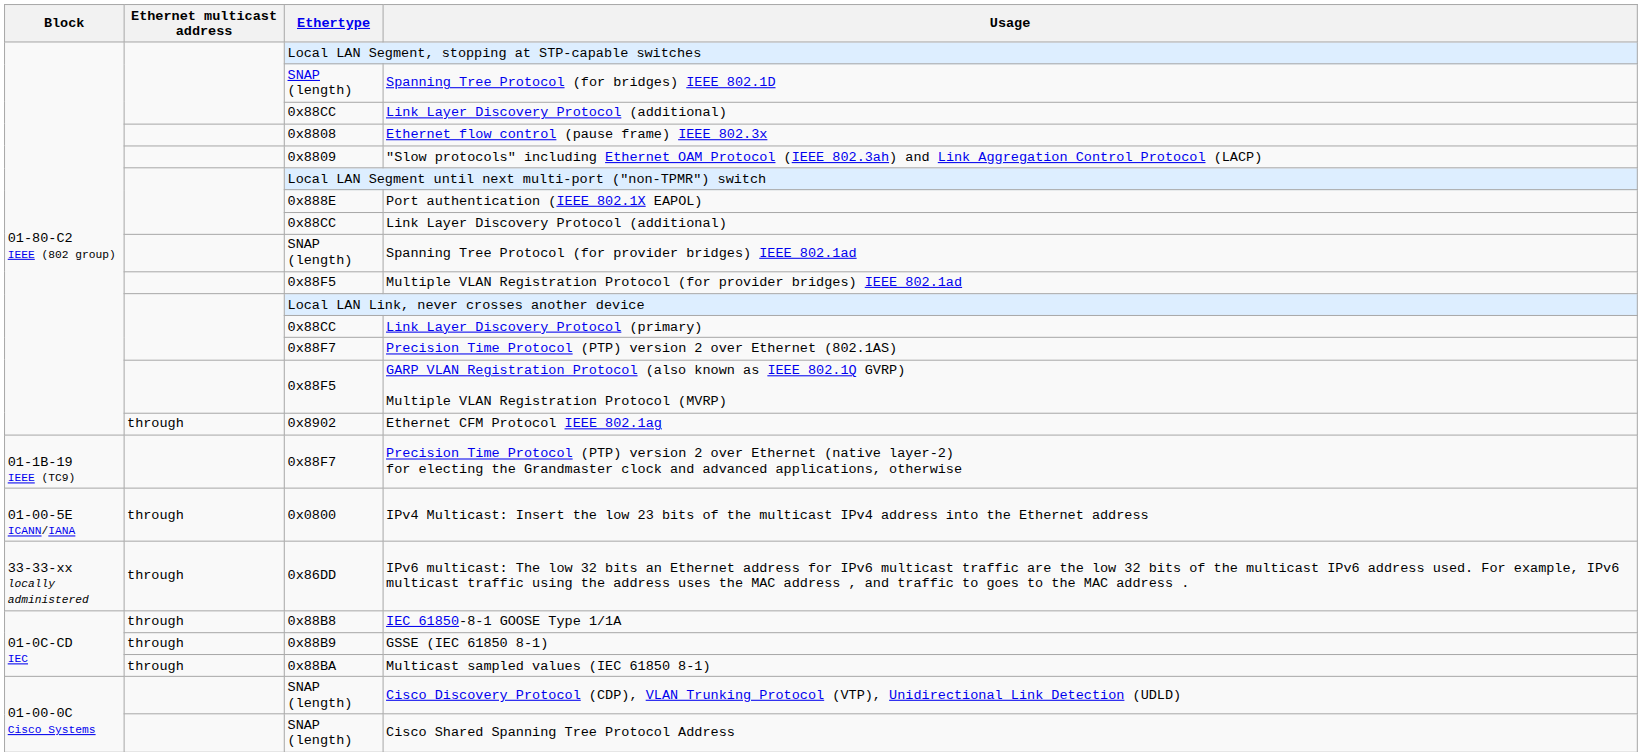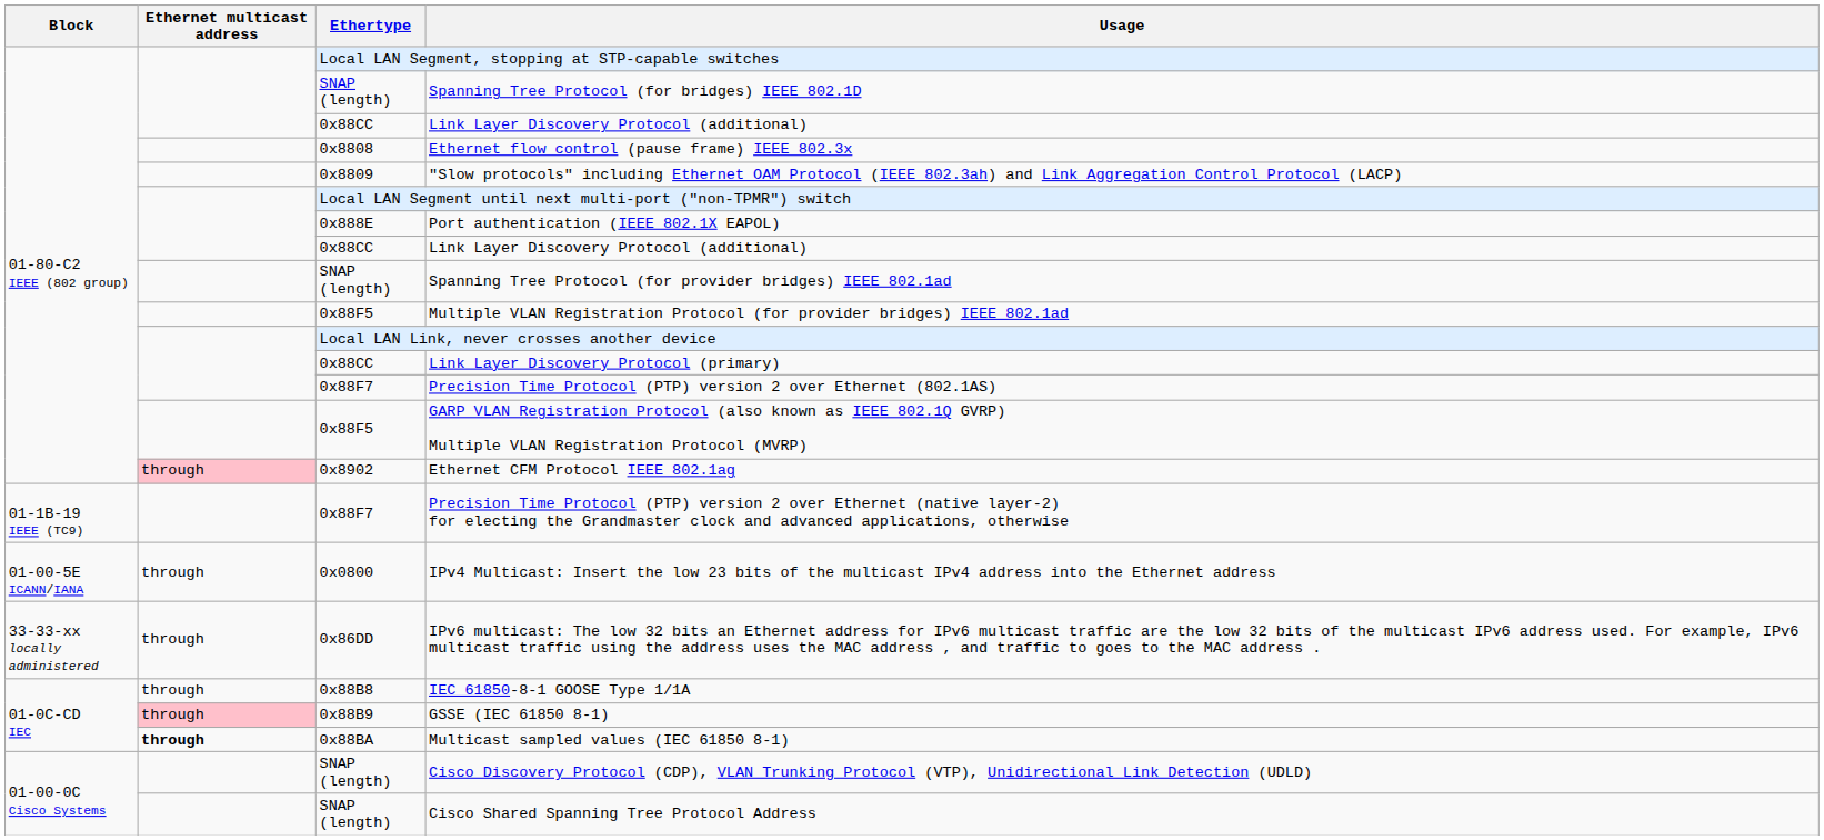 <table class="wikitable" >
 <tr>
 <th>Block</th>
 <th>Ethernet multicast address</th>
 <th><a href='#'>Ethertype</a></th>
 <th>Usage</th>
 </tr>
 <tr>
 <td rowspan="15"><br>01-80-C2<br> <small><a href='#'>IEEE</a> (802 group)</small></td>
 <td rowspan="3"><br></td>
 <td colspan="2" style="background-color:#def">Local LAN Segment, stopping at STP-capable switches</td>
 </tr>
 <tr>
 <td><a href='#'>SNAP</a> (length)</td>
 <td><a href='#'>Spanning Tree Protocol</a> (for bridges) <a href='#'>IEEE 802.1D</a></td>
 </tr>
 <tr>
 <td>0x88CC</td>
 <td><a href='#'>Link Layer Discovery Protocol</a> (additional)<br></td>
 </tr>
 <tr>
 <td></td>
 <td>0x8808</td>
 <td><a href='#'>Ethernet flow control</a> (pause frame) <a href='#'>IEEE 802.3x</a></td>
 </tr>
 <tr>
 <td></td>
 <td>0x8809</td>
 <td>"Slow protocols" including <a href='#'>Ethernet OAM Protocol</a> (<a href='#'>IEEE 802.3ah</a>) and <a href='#'>Link Aggregation Control Protocol</a> (LACP)</td>
 </tr>
 <tr>
 <td rowspan="3"><br></td>
 <td colspan="2" style="background-color:#def">Local LAN Segment until next multi-port ("non-TPMR") switch</td>
 </tr>
 <tr>
 <td>0x888E</td>
 <td>Port authentication (<a href='#'>IEEE 802.1X</a> EAPOL)</td>
 </tr>
 <tr>
 <td>0x88CC</td>
 <td>Link Layer Discovery Protocol (additional)</td>
 </tr>
 <tr>
 <td></td>
 <td>SNAP (length)</td>
 <td>Spanning Tree Protocol (for provider bridges) <a href='#'>IEEE 802.1ad</a></td>
 </tr>
 <tr>
 <td></td>
 <td>0x88F5</td>
 <td>Multiple VLAN Registration Protocol (for provider bridges) <a href='#'>IEEE 802.1ad</a></td>
 </tr>
 <tr>
 <td rowspan="3"></td>
 <td colspan="2" style="background-color:#def">Local LAN Link, never crosses another device</td>
 </tr>
 <tr>
 <td>0x88CC</td>
 <td><a href='#'>Link Layer Discovery Protocol</a> (primary)</td>
 </tr>
 <tr>
 <td>0x88F7</td>
 <td><a href='#'>Precision Time Protocol</a> (PTP) version 2 over Ethernet (802.1AS)</td>
 </tr>
 <tr>
 <td></td>
 <td>0x88F5</td>
 <td><a href='#'>GARP VLAN Registration Protocol</a> (also known as <a href='#'>IEEE 802.1Q</a> GVRP)<br><br>Multiple VLAN Registration Protocol (MVRP)</td>
 </tr>
 <tr>
-<td> through<br></td>
+<td style="background: pink;"> through<br></td>
 <td>0x8902</td>
 <td>Ethernet CFM Protocol <a href='#'>IEEE 802.1ag</a></td>
 </tr>
 <tr>
 <td rowspan="1"><br>01-1B-19<br> <small><a href='#'>IEEE</a> (TC9)</small></td>
 <td></td>
 <td>0x88F7</td>
 <td><a href='#'>Precision Time Protocol</a> (PTP) version 2 over Ethernet (native layer-2)<br>for electing the Grandmaster clock and advanced applications, otherwise </td>
 </tr>
 <tr>
 <td rowspan="1"><br>01-00-5E<br> <small><a href='#'>ICANN</a>/<a href='#'>IANA</a></small></td>
 <td> through<br></td>
 <td>0x0800</td>
 <td>IPv4 Multicast: Insert the low 23 bits of the multicast IPv4 address into the Ethernet address</td>
 </tr>
 <tr>
 <td rowspan="1"><br>33-33-xx<br> <small><em>locally administered</em></small></td>
 <td> through<br></td>
 <td>0x86DD</td>
 <td>IPv6 multicast: The low 32 bits an Ethernet address for IPv6 multicast traffic are the low 32 bits of the multicast IPv6 address used. For example, IPv6 multicast traffic using the address  uses the MAC address , and traffic to  goes to the MAC address .</td>
 </tr>
 <tr>
 <td rowspan="3"><br>01-0C-CD<br> <small><a href='#'>IEC</a></small></td>
 <td> through<br></td>
 <td>0x88B8</td>
 <td><a href='#'>IEC 61850</a>-8-1 GOOSE Type 1/1A</td>
 </tr>
 <tr>
-<td> through<br></td>
+<td style="background: pink;"> through<br></td>
 <td>0x88B9</td>
 <td>GSSE (IEC 61850 8-1)</td>
 </tr>
 <tr>
-<td> through<br></td>
+<td><strong> through<br></strong></td>
 <td>0x88BA</td>
 <td>Multicast sampled values (IEC 61850 8-1)</td>
 </tr>
 <tr>
 <td rowspan="2"><br>01-00-0C<br> <small><a href='#'>Cisco Systems</a></small></td>
 <td></td>
 <td>SNAP (length)</td>
 <td><a href='#'>Cisco Discovery Protocol</a> (CDP), <a href='#'>VLAN Trunking Protocol</a> (VTP), <a href='#'>Unidirectional Link Detection</a> (UDLD)</td>
 </tr>
 <tr>
 <td></td>
 <td>SNAP (length)</td>
 <td>Cisco Shared Spanning Tree Protocol Address</td>
 </tr>
 </table>
